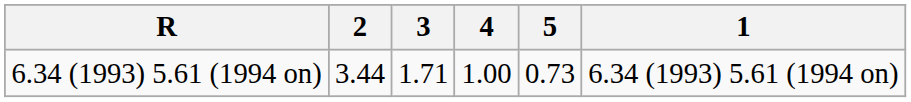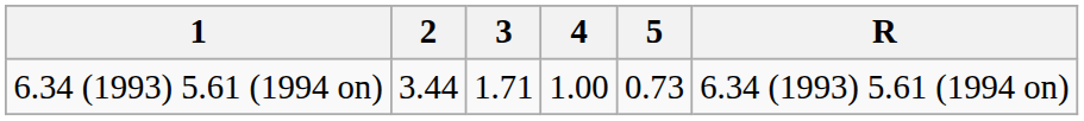 <table class=wikitable>
 <tr>
-<th>R</th>
+<th>1</th>
 <th>2</th>
 <th>3</th>
 <th>4</th>
 <th>5</th>
-<th>1</th>
+<th>R</th>
 </tr>
 <tr>
 <td>6.34 (1993) 5.61 (1994 on)</td>
 <td>3.44</td>
 <td>1.71</td>
 <td>1.00</td>
 <td>0.73</td>
 <td>6.34 (1993) 5.61 (1994 on)</td>
 </tr>
 </table>
